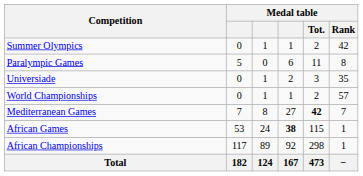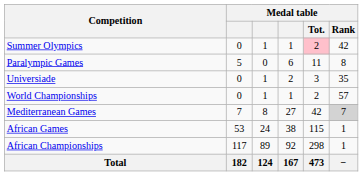 <table class="wikitable" width=40% style="font-size:90%; text-align:center;">
 <tr>
 <th rowspan=2>Competition</th>
 <th colspan=5>Medal table</th>
 </tr>
 <tr>
 <th width=30></th>
 <th width=30></th>
 <th width=30></th>
 <th width=30>Tot.</th>
 <th width=30>Rank</th>
 </tr>
 <tr>
 <td align=left><a href='#'>Summer Olympics</a></td>
 <td>0</td>
 <td>1</td>
 <td>1</td>
-<td>2</td>
+<td style="background: pink;">2</td>
 <td>42</td>
 </tr>
 <tr>
 <td align=left><a href='#'>Paralympic Games</a></td>
 <td>5</td>
 <td>0</td>
 <td>6</td>
 <td>11</td>
 <td>8</td>
 </tr>
 <tr>
 <td align=left><a href='#'>Universiade</a></td>
 <td>0</td>
 <td>1</td>
 <td>2</td>
 <td>3</td>
 <td>35</td>
 </tr>
 <tr>
 <td align=left><a href='#'>World Championships</a></td>
 <td>0</td>
 <td>1</td>
 <td>1</td>
 <td>2</td>
 <td>57</td>
 </tr>
 <tr>
 <td align=left><a href='#'>Mediterranean Games</a></td>
 <td>7</td>
 <td>8</td>
 <td>27</td>
-<td><strong>42</strong></td>
-<td>7</td>
+<td>42</td>
+<td style="background: lightgrey;">7</td>
 </tr>
 <tr>
 <td align=left><a href='#'>African Games</a></td>
 <td>53</td>
 <td>24</td>
-<td><strong>38</strong></td>
+<td>38</td>
 <td>115</td>
 <td>1</td>
 </tr>
 <tr>
 <td align=left><a href='#'>African Championships</a></td>
 <td>117</td>
 <td>89</td>
 <td>92</td>
 <td>298</td>
 <td>1</td>
 </tr>
 <tr>
 <th align=center>Total</th>
 <th>182</th>
 <th>124</th>
 <th>167</th>
 <th>473</th>
 <th>−</th>
 </tr>
 </table>
